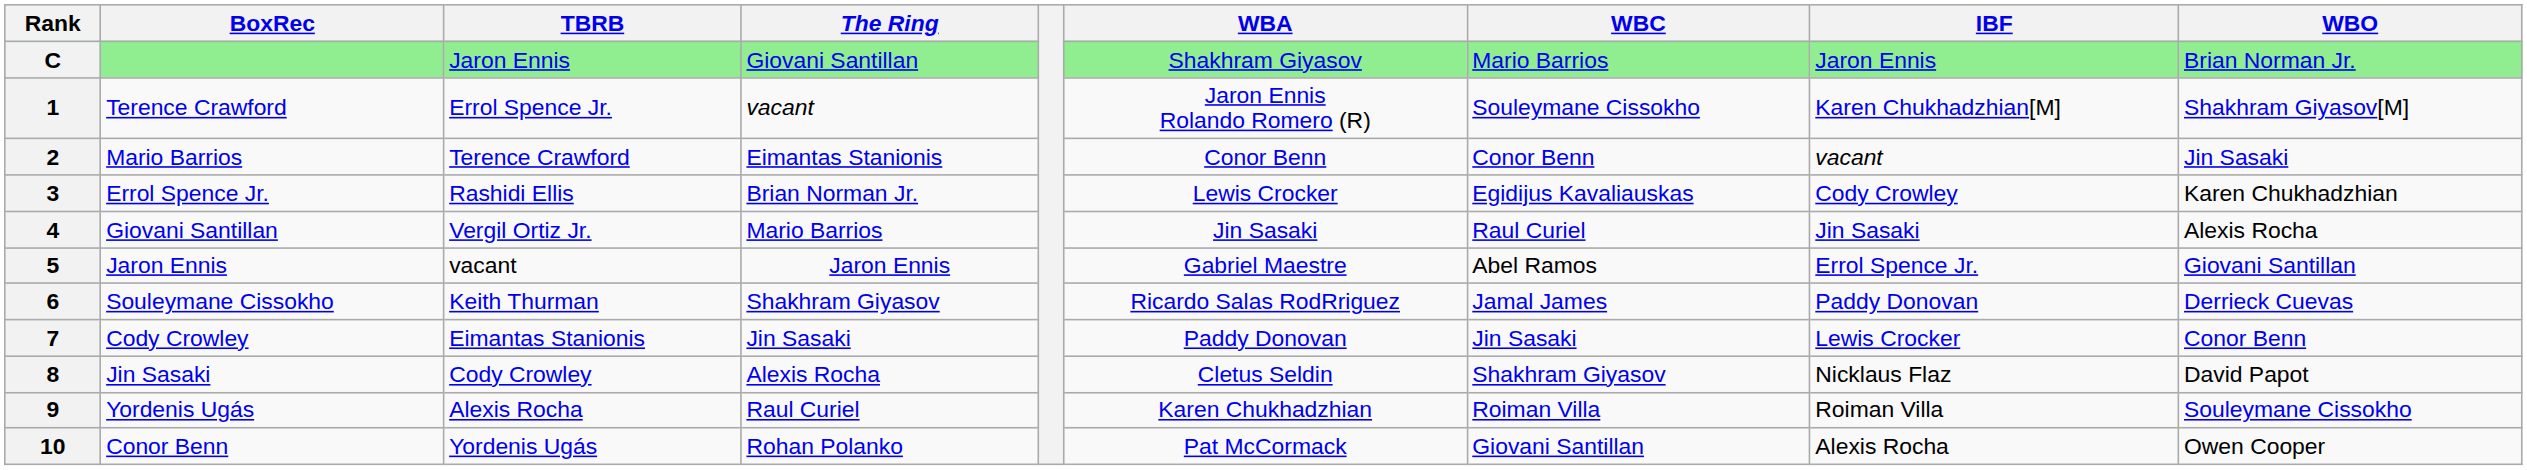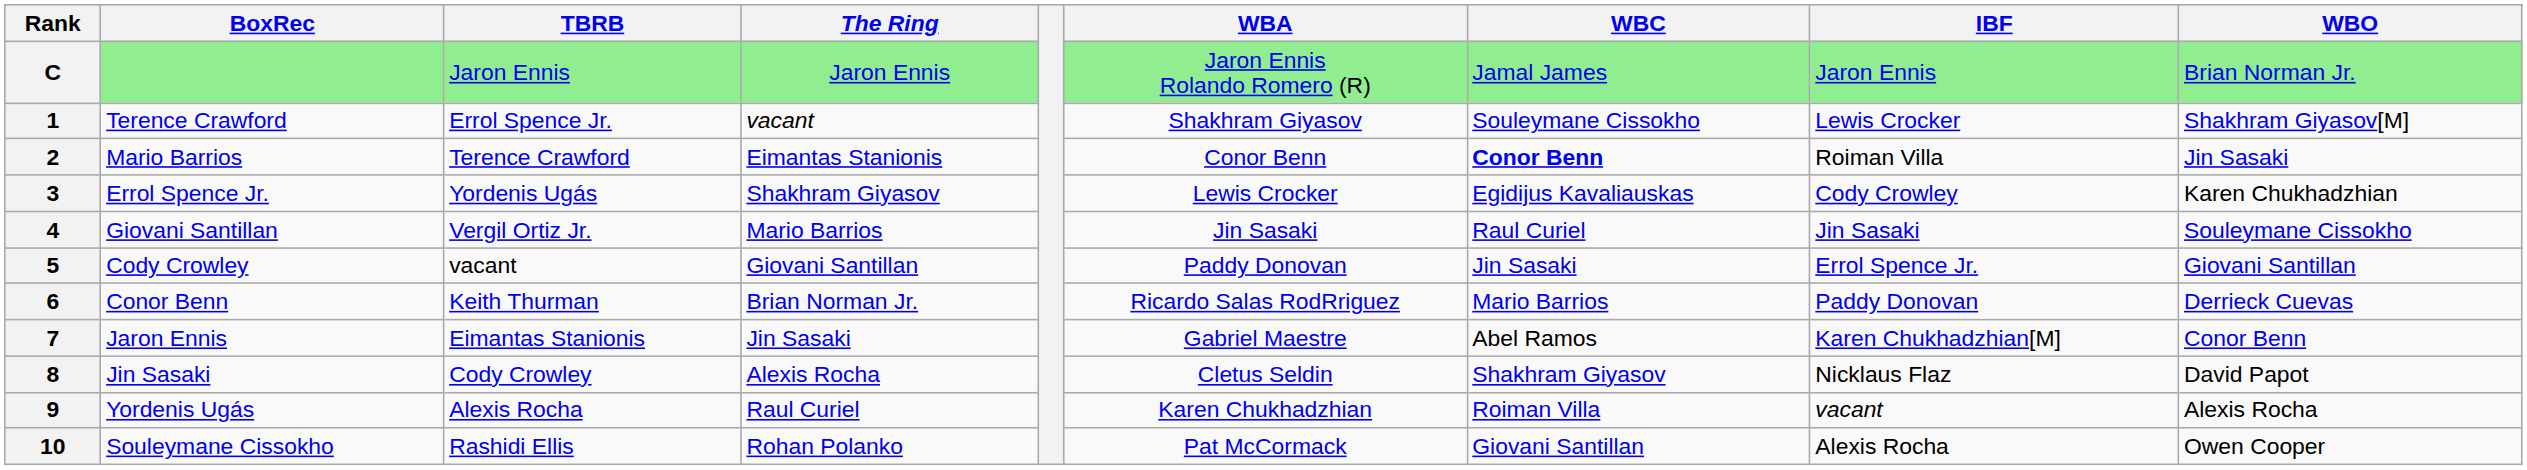 <table class="wikitable" style="text-align:left; font-size:90%; width:100%;">
 <tr>
 <th>Rank</th>
 <th><a href='#'>BoxRec</a></th>
 <th><a href='#'>TBRB</a></th>
 <th><em><a href='#'>The Ring</a></em></th>
 <th rowspan="12" style="width:1%;"></th>
 <th><a href='#'>WBA</a></th>
 <th><a href='#'>WBC</a></th>
 <th><a href='#'>IBF</a></th>
 <th><a href='#'>WBO</a></th>
 </tr>
 <tr style="background:lightgreen;">
 <th scope="row">C</th>
 <td></td>
 <td><a href='#'>Jaron Ennis</a></td>
-<td><a href='#'>Giovani Santillan</a></td>
-<td style="text-align:center;"><a href='#'>Shakhram Giyasov</a></td>
-<td><a href='#'>Mario Barrios</a></td>
+<td style="text-align:center;"><a href='#'>Jaron Ennis</a></td>
+<td style="text-align:center;"><a href='#'>Jaron Ennis</a><br><a href='#'>Rolando Romero</a> (R)</td>
+<td><a href='#'>Jamal James</a></td>
 <td><a href='#'>Jaron Ennis</a></td>
 <td><a href='#'>Brian Norman Jr.</a></td>
 </tr>
 <tr>
 <th scope="row">1</th>
 <td><a href='#'>Terence Crawford</a></td>
 <td><a href='#'>Errol Spence Jr.</a></td>
 <td><em>vacant</em></td>
-<td style="text-align:center;"><a href='#'>Jaron Ennis</a><br><a href='#'>Rolando Romero</a> (R)</td>
+<td style="text-align:center;"><a href='#'>Shakhram Giyasov</a></td>
 <td><a href='#'>Souleymane Cissokho</a></td>
-<td><a href='#'>Karen Chukhadzhian</a>[M]</td>
+<td><a href='#'>Lewis Crocker</a></td>
 <td><a href='#'>Shakhram Giyasov</a>[M]</td>
 </tr>
 <tr>
 <th scope="row">2</th>
 <td><a href='#'>Mario Barrios</a></td>
 <td><a href='#'>Terence Crawford</a></td>
 <td><a href='#'>Eimantas Stanionis</a></td>
 <td style="text-align:center;"><a href='#'>Conor Benn</a></td>
-<td><a href='#'>Conor Benn</a></td>
-<td><em>vacant</em></td>
+<td><strong><a href='#'>Conor Benn</a></strong></td>
+<td>Roiman Villa</td>
 <td><a href='#'>Jin Sasaki</a></td>
 </tr>
 <tr>
 <th scope="row">3</th>
 <td><a href='#'>Errol Spence Jr.</a></td>
-<td><a href='#'>Rashidi Ellis</a></td>
-<td><a href='#'>Brian Norman Jr.</a></td>
+<td><a href='#'>Yordenis Ugás</a></td>
+<td><a href='#'>Shakhram Giyasov</a></td>
 <td style="text-align:center;"><a href='#'>Lewis Crocker</a></td>
 <td><a href='#'>Egidijus Kavaliauskas</a></td>
 <td><a href='#'>Cody Crowley</a></td>
 <td>Karen Chukhadzhian</td>
 </tr>
 <tr>
 <th scope="row">4</th>
 <td><a href='#'>Giovani Santillan</a></td>
 <td><a href='#'>Vergil Ortiz Jr.</a></td>
 <td><a href='#'>Mario Barrios</a></td>
 <td style="text-align:center;"><a href='#'>Jin Sasaki</a></td>
 <td><a href='#'>Raul Curiel</a></td>
 <td><a href='#'>Jin Sasaki</a></td>
-<td>Alexis Rocha</td>
+<td><a href='#'>Souleymane Cissokho</a></td>
 </tr>
 <tr>
 <th scope="row">5</th>
-<td><a href='#'>Jaron Ennis</a></td>
+<td><a href='#'>Cody Crowley</a></td>
 <td>vacant</td>
-<td style="text-align:center;"><a href='#'>Jaron Ennis</a></td>
-<td style="text-align:center;"><a href='#'>Gabriel Maestre</a></td>
-<td>Abel Ramos</td>
+<td><a href='#'>Giovani Santillan</a></td>
+<td style="text-align:center;"><a href='#'>Paddy Donovan</a></td>
+<td><a href='#'>Jin Sasaki</a></td>
 <td><a href='#'>Errol Spence Jr.</a></td>
 <td><a href='#'>Giovani Santillan</a></td>
 </tr>
 <tr>
 <th scope="row">6</th>
-<td><a href='#'>Souleymane Cissokho</a></td>
+<td><a href='#'>Conor Benn</a></td>
 <td><a href='#'>Keith Thurman</a></td>
-<td><a href='#'>Shakhram Giyasov</a></td>
+<td><a href='#'>Brian Norman Jr.</a></td>
 <td style="text-align:center;"><a href='#'>Ricardo Salas RodRriguez</a></td>
-<td><a href='#'>Jamal James</a></td>
+<td><a href='#'>Mario Barrios</a></td>
 <td><a href='#'>Paddy Donovan</a></td>
 <td><a href='#'>Derrieck Cuevas</a></td>
 </tr>
 <tr>
 <th scope="row">7</th>
-<td><a href='#'>Cody Crowley</a></td>
+<td><a href='#'>Jaron Ennis</a></td>
 <td><a href='#'>Eimantas Stanionis</a></td>
 <td><a href='#'>Jin Sasaki</a></td>
-<td style="text-align:center;"><a href='#'>Paddy Donovan</a></td>
-<td><a href='#'>Jin Sasaki</a></td>
-<td><a href='#'>Lewis Crocker</a></td>
+<td style="text-align:center;"><a href='#'>Gabriel Maestre</a></td>
+<td>Abel Ramos</td>
+<td><a href='#'>Karen Chukhadzhian</a>[M]</td>
 <td><a href='#'>Conor Benn</a></td>
 </tr>
 <tr>
 <th scope="row">8</th>
 <td><a href='#'>Jin Sasaki</a></td>
 <td><a href='#'>Cody Crowley</a></td>
 <td><a href='#'>Alexis Rocha</a></td>
 <td style="text-align:center;"><a href='#'>Cletus Seldin</a></td>
 <td><a href='#'>Shakhram Giyasov</a></td>
 <td>Nicklaus Flaz</td>
 <td>David Papot</td>
 </tr>
 <tr>
 <th scope="row">9</th>
 <td><a href='#'>Yordenis Ugás</a></td>
 <td><a href='#'>Alexis Rocha</a></td>
 <td><a href='#'>Raul Curiel</a></td>
 <td style="text-align:center;"><a href='#'>Karen Chukhadzhian</a></td>
 <td><a href='#'>Roiman Villa</a></td>
-<td>Roiman Villa</td>
-<td><a href='#'>Souleymane Cissokho</a></td>
+<td><em>vacant</em></td>
+<td>Alexis Rocha</td>
 </tr>
 <tr>
 <th scope="row">10</th>
-<td><a href='#'>Conor Benn</a></td>
-<td><a href='#'>Yordenis Ugás</a></td>
+<td><a href='#'>Souleymane Cissokho</a></td>
+<td><a href='#'>Rashidi Ellis</a></td>
 <td><a href='#'>Rohan Polanko</a></td>
 <td style="text-align:center;"><a href='#'>Pat McCormack</a></td>
 <td><a href='#'>Giovani Santillan</a></td>
 <td>Alexis Rocha</td>
 <td>Owen Cooper</td>
 </tr>
 </table>
